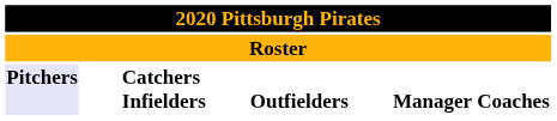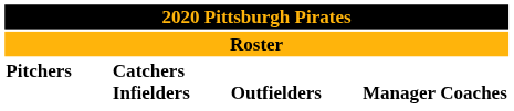 <table class="toccolours" style="font-size: 95%;">
 <tr>
 <th colspan="10" style="background:#000000; color:#FFB40B; text-align:center;"><strong>2020 Pittsburgh Pirates</strong></th>
 </tr>
 <tr>
 <td colspan="10" style="background:#FFB40B; color:#000000; text-align:center;"><strong>Roster</strong></td>
 </tr>
 <tr>
-<td valign="top" style="background: lavender;"><strong>Pitchers</strong><br>                           </td>
+<td valign="top"><strong>Pitchers</strong><br>                           </td>
 <td style="width:25px;"></td>
 <td valign="top"><strong>Catchers</strong><br>   <strong>Infielders</strong>          </td>
 <td style="width:25px;"></td>
 <td valign="top"><br><strong>Outfielders</strong>        </td>
 <td style="width:25px;"></td>
 <td valign="top"><br><strong>Manager</strong>  <strong>Coaches</strong>                      </td>
 </tr>
 </table>
